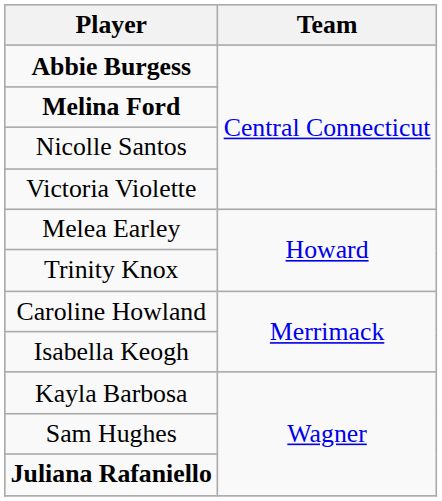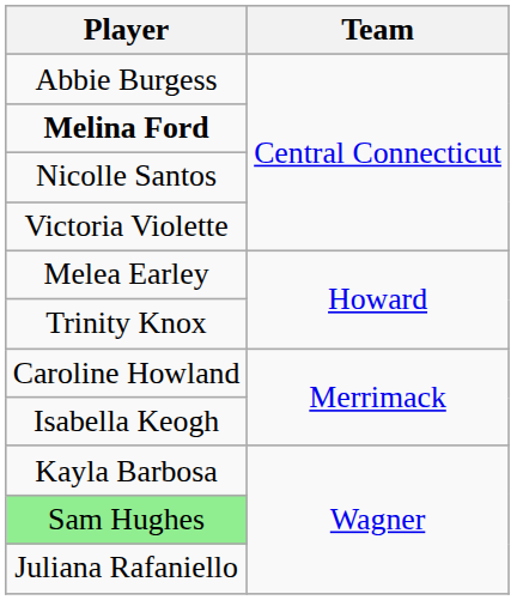 <table class="wikitable" style="text-align: center;">
 <tr>
 <th>Player</th>
 <th>Team</th>
 </tr>
 <tr>
-<td><strong>Abbie Burgess</strong></td>
+<td>Abbie Burgess</td>
 <td rowspan=4><a href='#'>Central Connecticut</a></td>
 </tr>
 <tr>
 <td><strong>Melina Ford</strong></td>
 </tr>
 <tr>
 <td>Nicolle Santos</td>
 </tr>
 <tr>
 <td>Victoria Violette</td>
 </tr>
 <tr>
 <td>Melea Earley</td>
 <td rowspan=2><a href='#'>Howard</a></td>
 </tr>
 <tr>
 <td>Trinity Knox</td>
 </tr>
 <tr>
 <td>Caroline Howland</td>
 <td rowspan=2><a href='#'>Merrimack</a></td>
 </tr>
 <tr>
 <td>Isabella Keogh</td>
 </tr>
 <tr>
 <td>Kayla Barbosa</td>
 <td rowspan=3><a href='#'>Wagner</a></td>
 </tr>
 <tr>
-<td>Sam Hughes</td>
+<td style="background: lightgreen;">Sam Hughes</td>
 </tr>
 <tr>
-<td><strong>Juliana Rafaniello</strong></td>
+<td>Juliana Rafaniello</td>
 </tr>
 </table>
